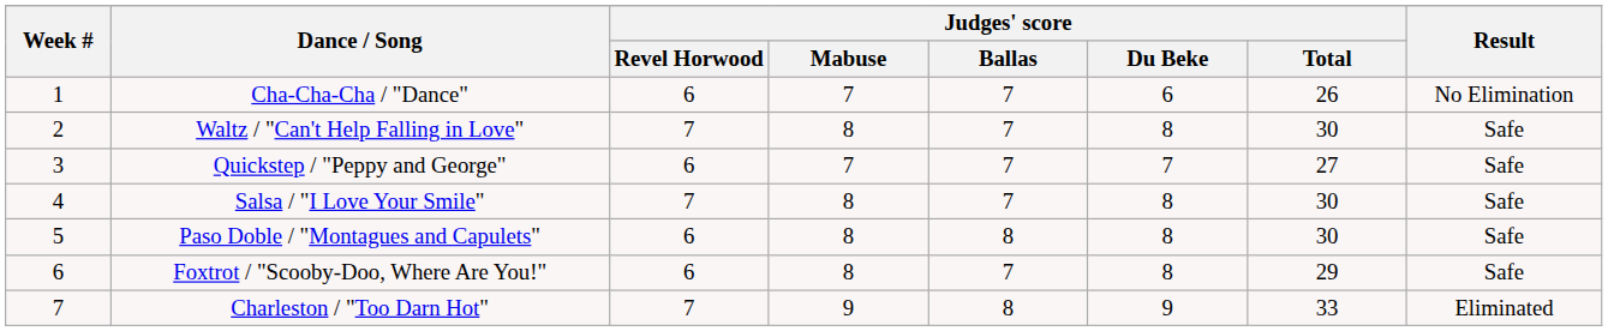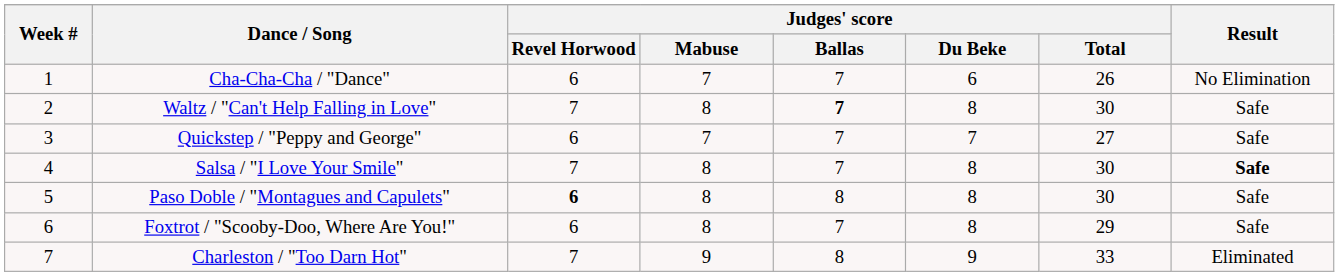 <table class="wikitable collapsible collapsed">
 <tr style="text-align:Centre; background:#ccc;">
 </tr>
 <tr style="text-align:Center; background:#ccc;">
 <th rowspan=2>Week #</th>
 <th rowspan=2>Dance / Song</th>
 <th colspan=5>Judges' score</th>
 <th rowspan=2>Result</th>
 </tr>
 <tr style="text-align:center; background:#ccc;"|>
 <th style="width:10%;">Revel Horwood</th>
 <th style="width:10%;">Mabuse</th>
 <th style="width:10%;">Ballas</th>
 <th style="width:10%;">Du Beke</th>
 <th style="width:10%;"><strong>Total</strong></th>
 </tr>
 <tr style="text-align: center; background:#faf6f6;">
 <td>1</td>
 <td><a href='#'>Cha-Cha-Cha</a> / "Dance"</td>
 <td>6</td>
 <td>7</td>
 <td>7</td>
 <td>6</td>
 <td>26</td>
 <td>No Elimination</td>
 </tr>
 <tr style="text-align: center; background:#faf6f6;">
 <td>2</td>
 <td><a href='#'>Waltz</a> / "<a href='#'>Can't Help Falling in Love</a>"</td>
 <td>7</td>
 <td>8</td>
-<td>7</td>
+<td><strong>7</strong></td>
 <td>8</td>
 <td>30</td>
 <td>Safe</td>
 </tr>
 <tr style="text-align: center; background:#faf6f6;">
 <td>3</td>
 <td><a href='#'>Quickstep</a> / "Peppy and George"</td>
 <td>6</td>
 <td>7</td>
 <td>7</td>
 <td>7</td>
 <td>27</td>
 <td>Safe</td>
 </tr>
 <tr style="text-align: center; background:#faf6f6;">
 <td>4</td>
 <td><a href='#'>Salsa</a> / "<a href='#'>I Love Your Smile</a>"</td>
 <td>7</td>
 <td>8</td>
 <td>7</td>
 <td>8</td>
 <td>30</td>
-<td>Safe</td>
+<td><strong>Safe</strong></td>
 </tr>
 <tr style="text-align: center; background:#faf6f6;">
 <td>5</td>
 <td><a href='#'>Paso Doble</a> / "<a href='#'>Montagues and Capulets</a>"</td>
-<td>6</td>
+<td><strong>6</strong></td>
 <td>8</td>
 <td>8</td>
 <td>8</td>
 <td>30</td>
 <td>Safe</td>
 </tr>
 <tr style="text-align: center; background:#faf6f6;">
 <td>6</td>
 <td><a href='#'>Foxtrot</a> / "Scooby-Doo, Where Are You!"</td>
 <td>6</td>
 <td>8</td>
 <td>7</td>
 <td>8</td>
 <td>29</td>
 <td>Safe</td>
 </tr>
 <tr style="text-align: center; background:#faf6f6;">
 <td>7</td>
 <td><a href='#'>Charleston</a> / "<a href='#'>Too Darn Hot</a>"</td>
 <td>7</td>
 <td>9</td>
 <td>8</td>
 <td>9</td>
 <td>33</td>
 <td>Eliminated</td>
 </tr>
 </table>
